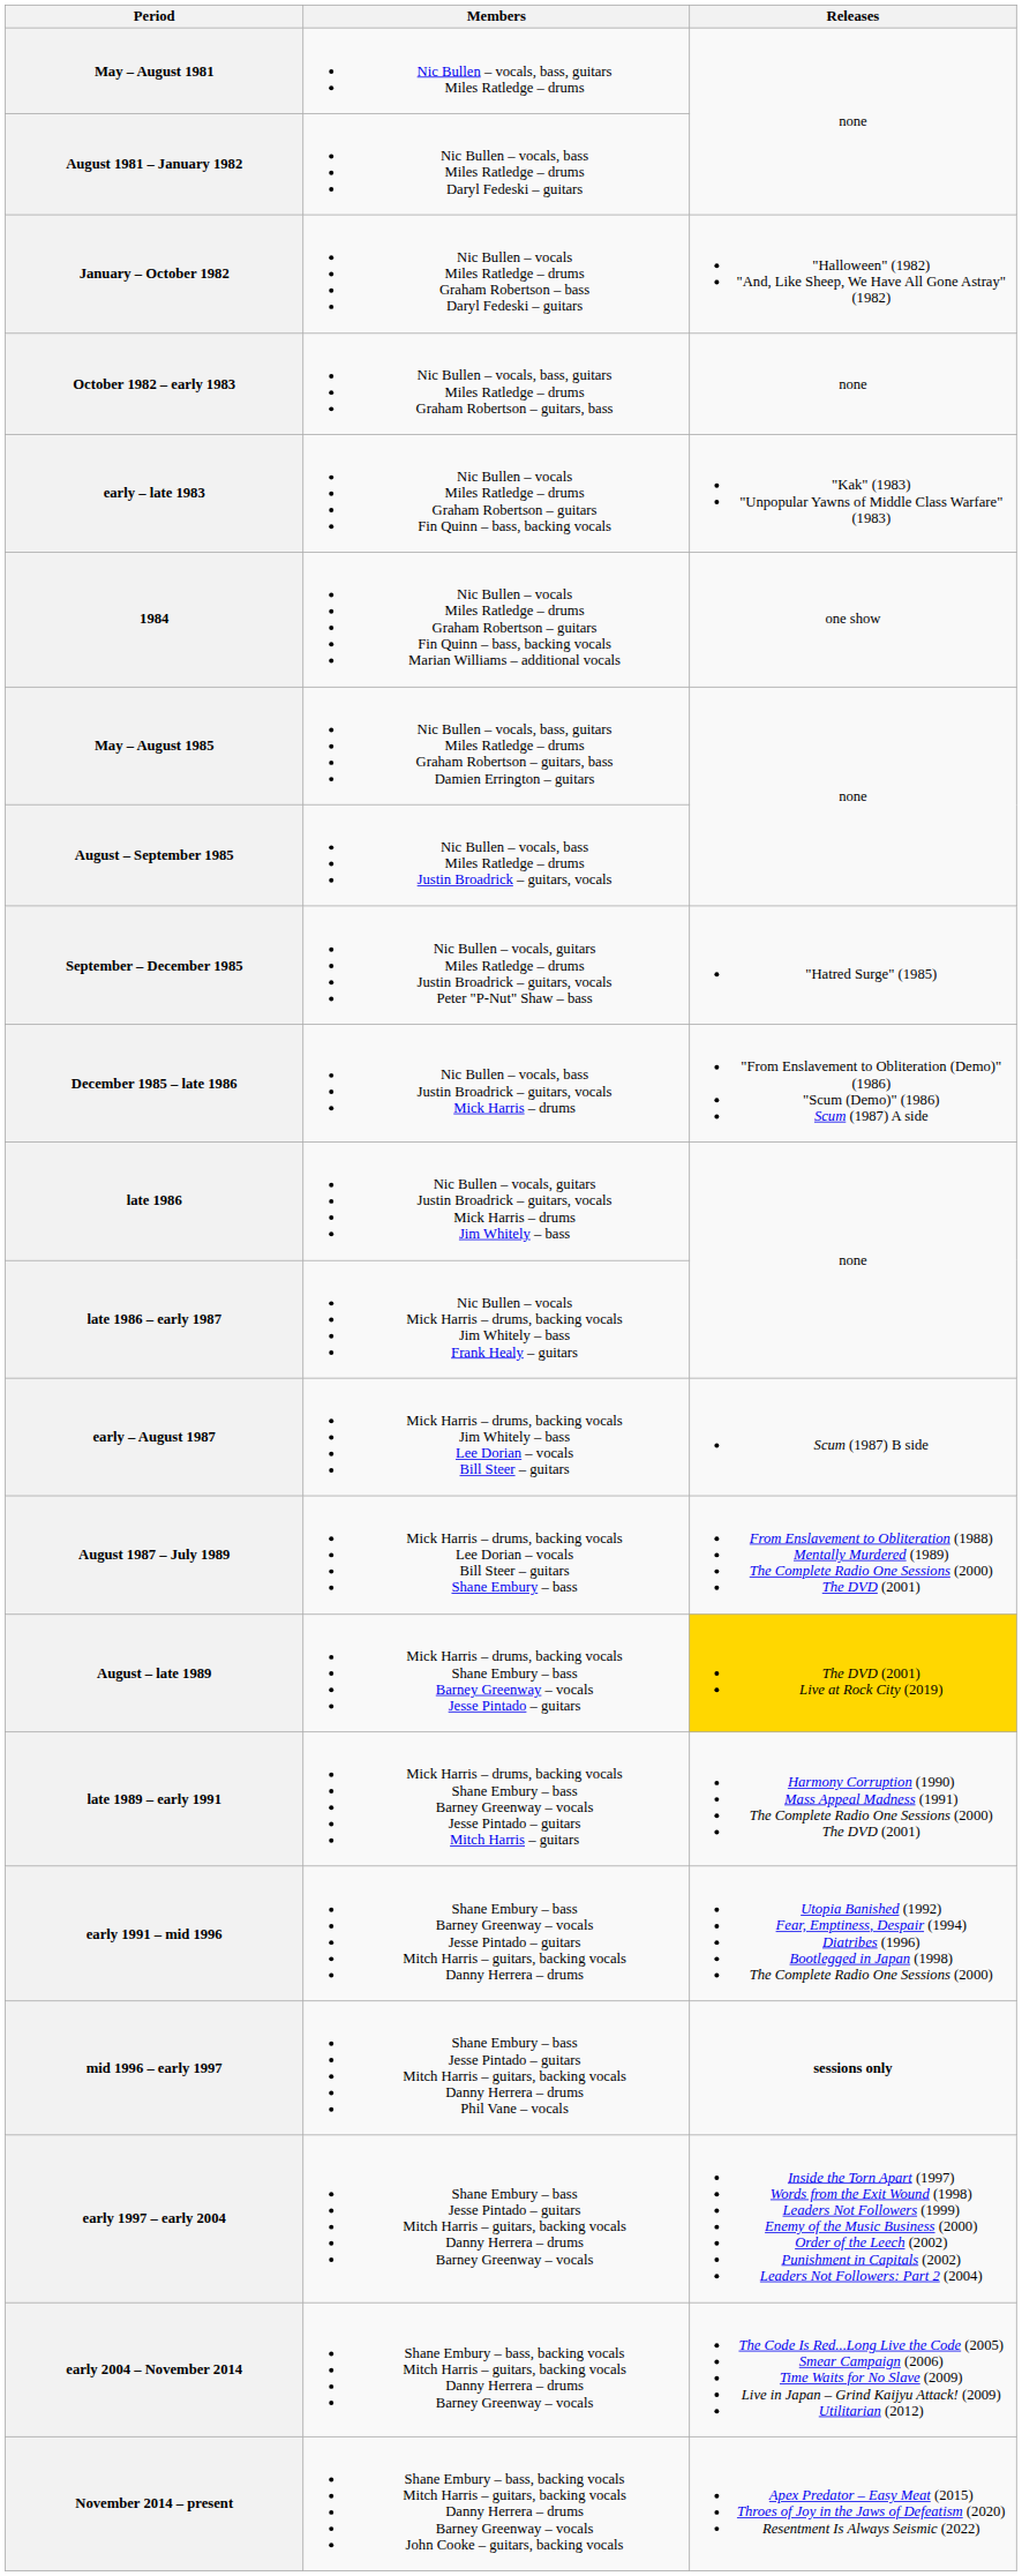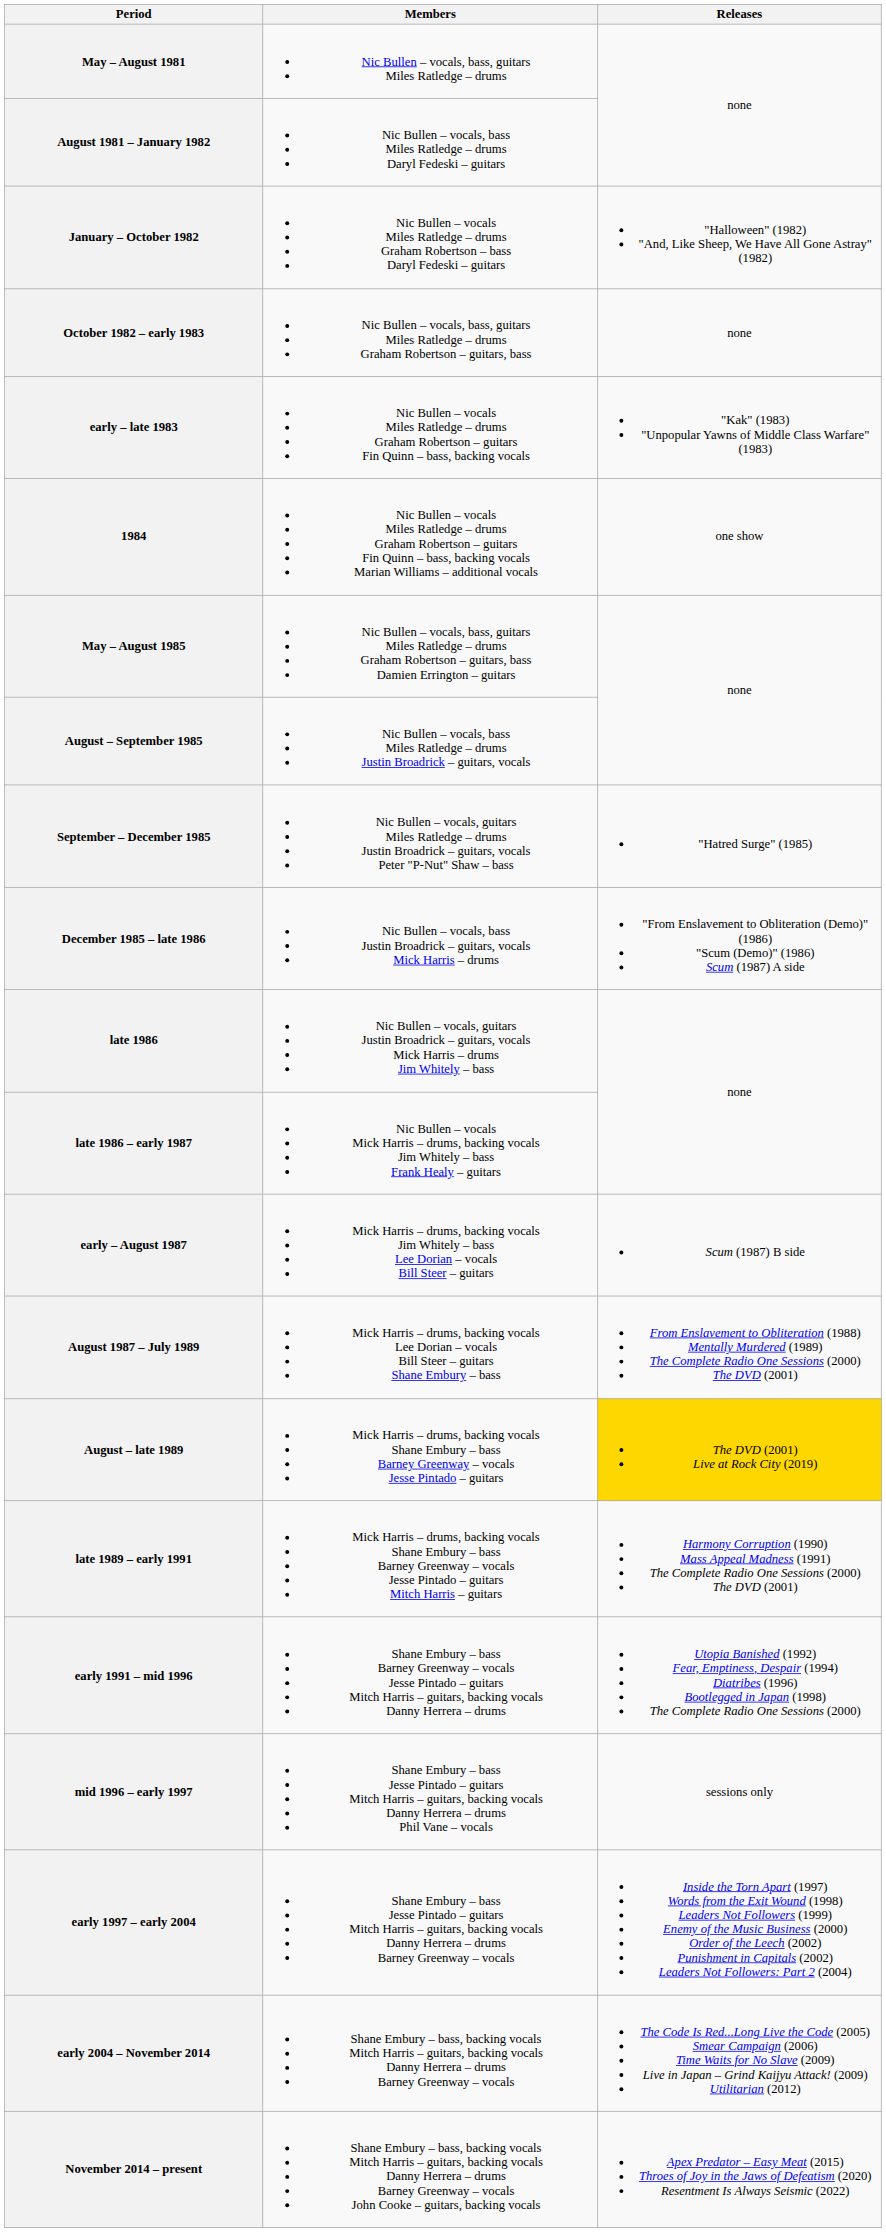 <table class="wikitable plainrowheaders" style="text-align:center;">
 <tr>
 <th scope="col" style="width:20em;">Period</th>
 <th scope="col" style="width:26em;">Members</th>
 <th scope="col" style="width:22em;">Releases</th>
 </tr>
 <tr>
 <th>May – August 1981</th>
 <td><br><ul><li><a href='#'>Nic Bullen</a> – vocals, bass, guitars</li><li>Miles Ratledge – drums</li></ul></td>
 <td rowspan="2">none</td>
 </tr>
 <tr>
 <th>August 1981 – January 1982</th>
 <td><br><ul><li>Nic Bullen – vocals, bass</li><li>Miles Ratledge – drums</li><li>Daryl Fedeski – guitars</li></ul></td>
 </tr>
 <tr>
 <th>January – October 1982</th>
 <td><br><ul><li>Nic Bullen – vocals</li><li>Miles Ratledge – drums</li><li>Graham Robertson – bass</li><li>Daryl Fedeski – guitars</li></ul></td>
 <td><br><ul><li>"Halloween" (1982)</li><li>"And, Like Sheep, We Have All Gone Astray" (1982)</li></ul></td>
 </tr>
 <tr>
 <th>October 1982 – early 1983</th>
 <td><br><ul><li>Nic Bullen – vocals, bass, guitars</li><li>Miles Ratledge – drums</li><li>Graham Robertson – guitars, bass</li></ul></td>
 <td>none</td>
 </tr>
 <tr>
 <th>early – late 1983</th>
 <td><br><ul><li>Nic Bullen – vocals</li><li>Miles Ratledge – drums</li><li>Graham Robertson – guitars</li><li>Fin Quinn – bass, backing vocals</li></ul></td>
 <td><br><ul><li>"Kak" (1983)</li><li>"Unpopular Yawns of Middle Class Warfare" (1983)</li></ul></td>
 </tr>
 <tr>
 <th>1984</th>
 <td><br><ul><li>Nic Bullen – vocals</li><li>Miles Ratledge – drums</li><li>Graham Robertson – guitars</li><li>Fin Quinn – bass, backing vocals</li><li>Marian Williams – additional vocals</li></ul></td>
 <td>one show</td>
 </tr>
 <tr>
 <th>May – August 1985</th>
 <td><br><ul><li>Nic Bullen – vocals, bass, guitars</li><li>Miles Ratledge – drums</li><li>Graham Robertson – guitars, bass</li><li>Damien Errington – guitars</li></ul></td>
 <td rowspan="2">none</td>
 </tr>
 <tr>
 <th>August – September 1985</th>
 <td><br><ul><li>Nic Bullen – vocals, bass</li><li>Miles Ratledge – drums</li><li><a href='#'>Justin Broadrick</a> – guitars, vocals</li></ul></td>
 </tr>
 <tr>
 <th>September – December 1985</th>
 <td><br><ul><li>Nic Bullen – vocals, guitars</li><li>Miles Ratledge – drums</li><li>Justin Broadrick – guitars, vocals</li><li>Peter "P-Nut" Shaw – bass</li></ul></td>
 <td><br><ul><li>"Hatred Surge" (1985)</li></ul></td>
 </tr>
 <tr>
 <th>December 1985 – late 1986</th>
 <td><br><ul><li>Nic Bullen – vocals, bass</li><li>Justin Broadrick – guitars, vocals</li><li><a href='#'>Mick Harris</a> – drums</li></ul></td>
 <td><br><ul><li>"From Enslavement to Obliteration (Demo)" (1986)</li><li>"Scum (Demo)" (1986)</li><li><em><a href='#'>Scum</a></em> (1987) A side</li></ul></td>
 </tr>
 <tr>
 <th>late 1986</th>
 <td><br><ul><li>Nic Bullen – vocals, guitars</li><li>Justin Broadrick – guitars, vocals</li><li>Mick Harris – drums</li><li><a href='#'>Jim Whitely</a> – bass</li></ul></td>
 <td rowspan="2">none</td>
 </tr>
 <tr>
 <th>late 1986 – early 1987</th>
 <td><br><ul><li>Nic Bullen – vocals</li><li>Mick Harris – drums, backing vocals</li><li>Jim Whitely – bass</li><li><a href='#'>Frank Healy</a> – guitars</li></ul></td>
 </tr>
 <tr>
 <th>early – August 1987</th>
 <td><br><ul><li>Mick Harris – drums, backing vocals</li><li>Jim Whitely – bass</li><li><a href='#'>Lee Dorian</a> – vocals</li><li><a href='#'>Bill Steer</a> – guitars</li></ul></td>
 <td><br><ul><li><em>Scum</em> (1987) B side</li></ul></td>
 </tr>
 <tr>
 <th>August 1987 – July 1989</th>
 <td><br><ul><li>Mick Harris – drums, backing vocals</li><li>Lee Dorian – vocals</li><li>Bill Steer – guitars</li><li><a href='#'>Shane Embury</a> – bass</li></ul></td>
 <td><br><ul><li><em><a href='#'>From Enslavement to Obliteration</a></em> (1988)</li><li><em><a href='#'>Mentally Murdered</a></em> (1989)</li><li><em><a href='#'>The Complete Radio One Sessions</a></em> (2000) </li><li><em><a href='#'>The DVD</a></em> (2001) </li></ul></td>
 </tr>
 <tr>
 <th>August – late 1989</th>
 <td><br><ul><li>Mick Harris – drums, backing vocals</li><li>Shane Embury – bass</li><li><a href='#'>Barney Greenway</a> – vocals</li><li><a href='#'>Jesse Pintado</a> – guitars</li></ul></td>
 <td style="background: gold;"><br><ul><li><em>The DVD</em> (2001) </li><li><em>Live at Rock City</em> (2019)</li></ul></td>
 </tr>
 <tr>
 <th>late 1989 – early 1991</th>
 <td><br><ul><li>Mick Harris – drums, backing vocals</li><li>Shane Embury – bass</li><li>Barney Greenway – vocals</li><li>Jesse Pintado – guitars</li><li><a href='#'>Mitch Harris</a> – guitars</li></ul></td>
 <td><br><ul><li><em><a href='#'>Harmony Corruption</a></em> (1990)</li><li><em><a href='#'>Mass Appeal Madness</a></em> (1991)</li><li><em>The Complete Radio One Sessions</em> (2000) </li><li><em>The DVD</em> (2001) </li></ul></td>
 </tr>
 <tr>
 <th>early 1991 – mid 1996</th>
 <td><br><ul><li>Shane Embury – bass</li><li>Barney Greenway – vocals</li><li>Jesse Pintado – guitars</li><li>Mitch Harris – guitars, backing vocals</li><li>Danny Herrera – drums</li></ul></td>
 <td><br><ul><li><em><a href='#'>Utopia Banished</a></em> (1992)</li><li><em><a href='#'>Fear, Emptiness, Despair</a></em> (1994)</li><li><em><a href='#'>Diatribes</a></em> (1996)</li><li><em><a href='#'>Bootlegged in Japan</a></em> (1998)</li><li><em>The Complete Radio One Sessions</em> (2000) </li></ul></td>
 </tr>
 <tr>
 <th>mid 1996 – early 1997</th>
 <td><br><ul><li>Shane Embury – bass</li><li>Jesse Pintado – guitars</li><li>Mitch Harris – guitars, backing vocals</li><li>Danny Herrera – drums</li><li>Phil Vane – vocals</li></ul></td>
-<td><strong>sessions only</strong></td>
+<td>sessions only</td>
 </tr>
 <tr>
 <th>early 1997 – early 2004</th>
 <td><br><ul><li>Shane Embury – bass</li><li>Jesse Pintado – guitars</li><li>Mitch Harris – guitars, backing vocals</li><li>Danny Herrera – drums</li><li>Barney Greenway – vocals</li></ul></td>
 <td><br><ul><li><em><a href='#'>Inside the Torn Apart</a></em> (1997)</li><li><em><a href='#'>Words from the Exit Wound</a></em> (1998)</li><li><em><a href='#'>Leaders Not Followers</a></em> (1999)</li><li><em><a href='#'>Enemy of the Music Business</a></em> (2000)</li><li><em><a href='#'>Order of the Leech</a></em> (2002) </li><li><em><a href='#'>Punishment in Capitals</a></em> (2002)</li><li><em><a href='#'>Leaders Not Followers: Part 2</a></em> (2004) </li></ul></td>
 </tr>
 <tr>
 <th>early 2004 – November 2014</th>
 <td><br><ul><li>Shane Embury – bass, backing vocals</li><li>Mitch Harris – guitars, backing vocals</li><li>Danny Herrera – drums</li><li>Barney Greenway – vocals</li></ul></td>
 <td><br><ul><li><em><a href='#'>The Code Is Red...Long Live the Code</a></em> (2005)</li><li><em><a href='#'>Smear Campaign</a></em> (2006)</li><li><em><a href='#'>Time Waits for No Slave</a></em> (2009)</li><li><em>Live in Japan – Grind Kaijyu Attack!</em> (2009)</li><li><em><a href='#'>Utilitarian</a></em> (2012)</li></ul></td>
 </tr>
 <tr>
 <th>November 2014 – present</th>
 <td><br><ul><li>Shane Embury – bass, backing vocals</li><li>Mitch Harris – guitars, backing vocals </li><li>Danny Herrera – drums</li><li>Barney Greenway – vocals</li><li>John Cooke – guitars, backing vocals </li></ul></td>
 <td><br><ul><li><em><a href='#'>Apex Predator – Easy Meat</a></em> (2015)</li><li><em><a href='#'>Throes of Joy in the Jaws of Defeatism</a></em> (2020)</li><li><em>Resentment Is Always Seismic</em> (2022)</li></ul></td>
 </tr>
 </table>
